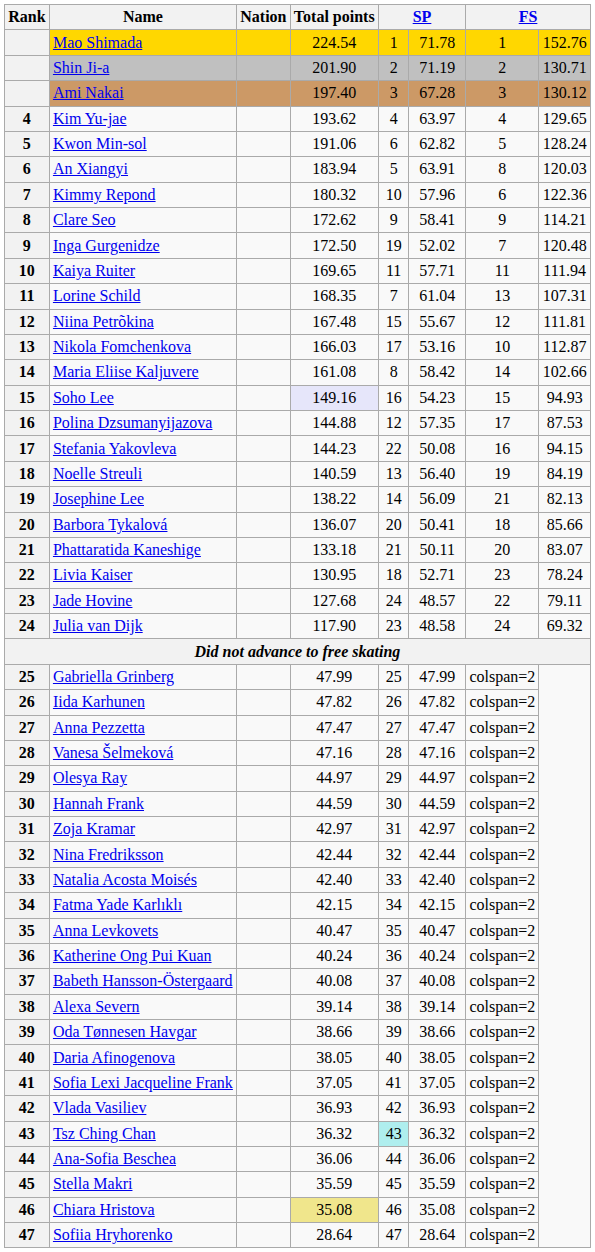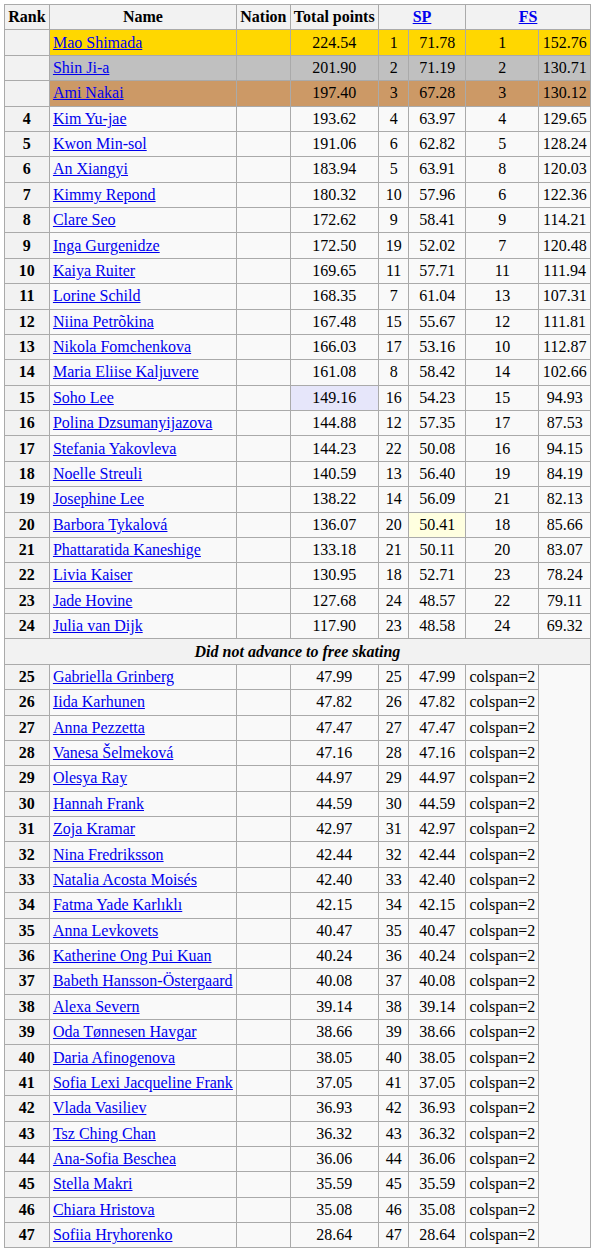 <table class="wikitable sortable" style="text-align:left;">
 <tr>
 <th scope="col">Rank</th>
 <th scope="col">Name</th>
 <th scope="col">Nation</th>
 <th scope="col">Total points</th>
 <th colspan="2" width="80px"><a href='#'>SP</a></th>
 <th colspan="2" width="80px"><a href='#'>FS</a></th>
 </tr>
 <tr bgcolor="gold">
 <th scope="row"><strong></strong></th>
 <td style="text-align:left"><a href='#'>Mao Shimada</a></td>
 <td style="text-align:left"></td>
 <td align="center">224.54</td>
 <td align="center">1</td>
 <td align="center">71.78</td>
 <td align="center">1</td>
 <td align="center">152.76</td>
 </tr>
 <tr bgcolor="silver">
 <th scope="row"><strong></strong></th>
 <td style="text-align:left"><a href='#'>Shin Ji-a</a></td>
 <td style="text-align:left"></td>
 <td align="center">201.90</td>
 <td align="center">2</td>
 <td align="center">71.19</td>
 <td align="center">2</td>
 <td align="center">130.71</td>
 </tr>
 <tr bgcolor="#cc9966">
 <th scope="row"><strong></strong></th>
 <td style="text-align:left"><a href='#'>Ami Nakai</a></td>
 <td style="text-align:left"></td>
 <td align="center">197.40</td>
 <td align="center">3</td>
 <td align="center">67.28</td>
 <td align="center">3</td>
 <td align="center">130.12</td>
 </tr>
 <tr>
 <th scope="row">4</th>
 <td style="text-align:left"><a href='#'>Kim Yu-jae</a></td>
 <td style="text-align:left"></td>
 <td align="center">193.62</td>
 <td align="center">4</td>
 <td align="center">63.97</td>
 <td align="center">4</td>
 <td align="center">129.65</td>
 </tr>
 <tr>
 <th scope="row">5</th>
 <td style="text-align:left"><a href='#'>Kwon Min-sol</a></td>
 <td style="text-align:left"></td>
 <td align="center">191.06</td>
 <td align="center">6</td>
 <td align="center">62.82</td>
 <td align="center">5</td>
 <td align="center">128.24</td>
 </tr>
 <tr>
 <th scope="row">6</th>
 <td style="text-align:left"><a href='#'>An Xiangyi</a></td>
 <td style="text-align:left"></td>
 <td align="center">183.94</td>
 <td align="center">5</td>
 <td align="center">63.91</td>
 <td align="center">8</td>
 <td align="center">120.03</td>
 </tr>
 <tr>
 <th scope="row">7</th>
 <td style="text-align:left"><a href='#'>Kimmy Repond</a></td>
 <td style="text-align:left"></td>
 <td align="center">180.32</td>
 <td align="center">10</td>
 <td align="center">57.96</td>
 <td align="center">6</td>
 <td align="center">122.36</td>
 </tr>
 <tr>
 <th scope="row">8</th>
 <td style="text-align:left"><a href='#'>Clare Seo</a></td>
 <td style="text-align:left"></td>
 <td align="center">172.62</td>
 <td align="center">9</td>
 <td align="center">58.41</td>
 <td align="center">9</td>
 <td align="center">114.21</td>
 </tr>
 <tr>
 <th scope="row">9</th>
 <td style="text-align:left"><a href='#'>Inga Gurgenidze</a></td>
 <td style="text-align:left"></td>
 <td align="center">172.50</td>
 <td align="center">19</td>
 <td align="center">52.02</td>
 <td align="center">7</td>
 <td align="center">120.48</td>
 </tr>
 <tr>
 <th scope="row">10</th>
 <td style="text-align:left"><a href='#'>Kaiya Ruiter</a></td>
 <td style="text-align:left"></td>
 <td align="center">169.65</td>
 <td align="center">11</td>
 <td align="center">57.71</td>
 <td align="center">11</td>
 <td align="center">111.94</td>
 </tr>
 <tr>
 <th scope="row">11</th>
 <td style="text-align:left"><a href='#'>Lorine Schild</a></td>
 <td style="text-align:left"></td>
 <td align="center">168.35</td>
 <td align="center">7</td>
 <td align="center">61.04</td>
 <td align="center">13</td>
 <td align="center">107.31</td>
 </tr>
 <tr>
 <th scope="row">12</th>
 <td style="text-align:left"><a href='#'>Niina Petrõkina</a></td>
 <td style="text-align:left"></td>
 <td align="center">167.48</td>
 <td align="center">15</td>
 <td align="center">55.67</td>
 <td align="center">12</td>
 <td align="center">111.81</td>
 </tr>
 <tr>
 <th scope="row">13</th>
 <td style="text-align:left"><a href='#'>Nikola Fomchenkova</a></td>
 <td style="text-align:left"></td>
 <td align="center">166.03</td>
 <td align="center">17</td>
 <td align="center">53.16</td>
 <td align="center">10</td>
 <td align="center">112.87</td>
 </tr>
 <tr>
 <th scope="row">14</th>
 <td style="text-align:left"><a href='#'>Maria Eliise Kaljuvere</a></td>
 <td style="text-align:left"></td>
 <td align="center">161.08</td>
 <td align="center">8</td>
 <td align="center">58.42</td>
 <td align="center">14</td>
 <td align="center">102.66</td>
 </tr>
 <tr>
 <th scope="row">15</th>
 <td style="text-align:left"><a href='#'>Soho Lee</a></td>
 <td style="text-align:left"></td>
 <td align="center" style="background: lavender;">149.16</td>
 <td align="center">16</td>
 <td align="center">54.23</td>
 <td align="center">15</td>
 <td align="center">94.93</td>
 </tr>
 <tr>
 <th scope="row">16</th>
 <td style="text-align:left"><a href='#'>Polina Dzsumanyijazova</a></td>
 <td style="text-align:left"></td>
 <td align="center">144.88</td>
 <td align="center">12</td>
 <td align="center">57.35</td>
 <td align="center">17</td>
 <td align="center">87.53</td>
 </tr>
 <tr>
 <th scope="row">17</th>
 <td style="text-align:left"><a href='#'>Stefania Yakovleva</a></td>
 <td style="text-align:left"></td>
 <td align="center">144.23</td>
 <td align="center">22</td>
 <td align="center">50.08</td>
 <td align="center">16</td>
 <td align="center">94.15</td>
 </tr>
 <tr>
 <th scope="row">18</th>
 <td style="text-align:left"><a href='#'>Noelle Streuli</a></td>
 <td style="text-align:left"></td>
 <td align="center">140.59</td>
 <td align="center">13</td>
 <td align="center">56.40</td>
 <td align="center">19</td>
 <td align="center">84.19</td>
 </tr>
 <tr>
 <th scope="row">19</th>
 <td style="text-align:left"><a href='#'>Josephine Lee</a></td>
 <td style="text-align:left"></td>
 <td align="center">138.22</td>
 <td align="center">14</td>
 <td align="center">56.09</td>
 <td align="center">21</td>
 <td align="center">82.13</td>
 </tr>
 <tr>
 <th scope="row">20</th>
 <td style="text-align:left"><a href='#'>Barbora Tykalová</a></td>
 <td style="text-align:left"></td>
 <td align="center">136.07</td>
 <td align="center">20</td>
-<td align="center">50.41</td>
+<td align="center" style="background: lightyellow;">50.41</td>
 <td align="center">18</td>
 <td align="center">85.66</td>
 </tr>
 <tr>
 <th scope="row">21</th>
 <td style="text-align:left"><a href='#'>Phattaratida Kaneshige</a></td>
 <td style="text-align:left"></td>
 <td align="center">133.18</td>
 <td align="center">21</td>
 <td align="center">50.11</td>
 <td align="center">20</td>
 <td align="center">83.07</td>
 </tr>
 <tr>
 <th scope="row">22</th>
 <td style="text-align:left"><a href='#'>Livia Kaiser</a></td>
 <td style="text-align:left"></td>
 <td align="center">130.95</td>
 <td align="center">18</td>
 <td align="center">52.71</td>
 <td align="center">23</td>
 <td align="center">78.24</td>
 </tr>
 <tr>
 <th scope="row">23</th>
 <td style="text-align:left"><a href='#'>Jade Hovine</a></td>
 <td style="text-align:left"></td>
 <td align="center">127.68</td>
 <td align="center">24</td>
 <td align="center">48.57</td>
 <td align="center">22</td>
 <td align="center">79.11</td>
 </tr>
 <tr>
 <th scope="row">24</th>
 <td style="text-align:left"><a href='#'>Julia van Dijk</a></td>
 <td style="text-align:left"></td>
 <td align="center">117.90</td>
 <td align="center">23</td>
 <td align="center">48.58</td>
 <td align="center">24</td>
 <td align="center">69.32</td>
 </tr>
 <tr>
 <th colspan=8><em>Did not advance to free skating</em></th>
 </tr>
 <tr>
 <th scope="row">25</th>
 <td style="text-align:left"><a href='#'>Gabriella Grinberg</a></td>
 <td style="text-align:left"></td>
 <td align="center">47.99</td>
 <td align="center">25</td>
 <td align="center">47.99</td>
 <td>colspan=2 </td>
 </tr>
 <tr>
 <th scope="row">26</th>
 <td style="text-align:left"><a href='#'>Iida Karhunen</a></td>
 <td style="text-align:left"></td>
 <td align="center">47.82</td>
 <td align="center">26</td>
 <td align="center">47.82</td>
 <td>colspan=2 </td>
 </tr>
 <tr>
 <th scope="row">27</th>
 <td style="text-align:left"><a href='#'>Anna Pezzetta</a></td>
 <td style="text-align:left"></td>
 <td align="center">47.47</td>
 <td align="center">27</td>
 <td align="center">47.47</td>
 <td>colspan=2 </td>
 </tr>
 <tr>
 <th scope="row">28</th>
 <td style="text-align:left"><a href='#'>Vanesa Šelmeková</a></td>
 <td style="text-align:left"></td>
 <td align="center">47.16</td>
 <td align="center">28</td>
 <td align="center">47.16</td>
 <td>colspan=2 </td>
 </tr>
 <tr>
 <th scope="row">29</th>
 <td style="text-align:left"><a href='#'>Olesya Ray</a></td>
 <td style="text-align:left"></td>
 <td align="center">44.97</td>
 <td align="center">29</td>
 <td align="center">44.97</td>
 <td>colspan=2 </td>
 </tr>
 <tr>
 <th scope="row">30</th>
 <td style="text-align:left"><a href='#'>Hannah Frank</a></td>
 <td style="text-align:left"></td>
 <td align="center">44.59</td>
 <td align="center">30</td>
 <td align="center">44.59</td>
 <td>colspan=2 </td>
 </tr>
 <tr>
 <th scope="row">31</th>
 <td style="text-align:left"><a href='#'>Zoja Kramar</a></td>
 <td style="text-align:left"></td>
 <td align="center">42.97</td>
 <td align="center">31</td>
 <td align="center">42.97</td>
 <td>colspan=2 </td>
 </tr>
 <tr>
 <th scope="row">32</th>
 <td style="text-align:left"><a href='#'>Nina Fredriksson</a></td>
 <td style="text-align:left"></td>
 <td align="center">42.44</td>
 <td align="center">32</td>
 <td align="center">42.44</td>
 <td>colspan=2 </td>
 </tr>
 <tr>
 <th scope="row">33</th>
 <td style="text-align:left"><a href='#'>Natalia Acosta Moisés</a></td>
 <td style="text-align:left"></td>
 <td align="center">42.40</td>
 <td align="center">33</td>
 <td align="center">42.40</td>
 <td>colspan=2 </td>
 </tr>
 <tr>
 <th scope="row">34</th>
 <td style="text-align:left"><a href='#'>Fatma Yade Karlıklı</a></td>
 <td style="text-align:left"></td>
 <td align="center">42.15</td>
 <td align="center">34</td>
 <td align="center">42.15</td>
 <td>colspan=2 </td>
 </tr>
 <tr>
 <th scope="row">35</th>
 <td style="text-align:left"><a href='#'>Anna Levkovets</a></td>
 <td style="text-align:left"></td>
 <td align="center">40.47</td>
 <td align="center">35</td>
 <td align="center">40.47</td>
 <td>colspan=2 </td>
 </tr>
 <tr>
 <th scope="row">36</th>
 <td style="text-align:left"><a href='#'>Katherine Ong Pui Kuan</a></td>
 <td style="text-align:left"></td>
 <td align="center">40.24</td>
 <td align="center">36</td>
 <td align="center">40.24</td>
 <td>colspan=2 </td>
 </tr>
 <tr>
 <th scope="row">37</th>
 <td style="text-align:left"><a href='#'>Babeth Hansson-Östergaard</a></td>
 <td style="text-align:left"></td>
 <td align="center">40.08</td>
 <td align="center">37</td>
 <td align="center">40.08</td>
 <td>colspan=2 </td>
 </tr>
 <tr>
 <th scope="row">38</th>
 <td style="text-align:left"><a href='#'>Alexa Severn</a></td>
 <td style="text-align:left"></td>
 <td align="center">39.14</td>
 <td align="center">38</td>
 <td align="center">39.14</td>
 <td>colspan=2 </td>
 </tr>
 <tr>
 <th scope="row">39</th>
 <td style="text-align:left"><a href='#'>Oda Tønnesen Havgar</a></td>
 <td style="text-align:left"></td>
 <td align="center">38.66</td>
 <td align="center">39</td>
 <td align="center">38.66</td>
 <td>colspan=2 </td>
 </tr>
 <tr>
 <th scope="row">40</th>
 <td style="text-align:left"><a href='#'>Daria Afinogenova</a></td>
 <td style="text-align:left"></td>
 <td align="center">38.05</td>
 <td align="center">40</td>
 <td align="center">38.05</td>
 <td>colspan=2 </td>
 </tr>
 <tr>
 <th scope="row">41</th>
 <td style="text-align:left"><a href='#'>Sofia Lexi Jacqueline Frank</a></td>
 <td style="text-align:left"></td>
 <td align="center">37.05</td>
 <td align="center">41</td>
 <td align="center">37.05</td>
 <td>colspan=2 </td>
 </tr>
 <tr>
 <th scope="row">42</th>
 <td style="text-align:left"><a href='#'>Vlada Vasiliev</a></td>
 <td style="text-align:left"></td>
 <td align="center">36.93</td>
 <td align="center">42</td>
 <td align="center">36.93</td>
 <td>colspan=2 </td>
 </tr>
 <tr>
 <th scope="row">43</th>
 <td style="text-align:left"><a href='#'>Tsz Ching Chan</a></td>
 <td style="text-align:left"></td>
 <td align="center">36.32</td>
-<td align="center" style="background: paleturquoise;">43</td>
+<td align="center">43</td>
 <td align="center">36.32</td>
 <td>colspan=2 </td>
 </tr>
 <tr>
 <th scope="row">44</th>
 <td style="text-align:left"><a href='#'>Ana-Sofia Beschea</a></td>
 <td style="text-align:left"></td>
 <td align="center">36.06</td>
 <td align="center">44</td>
 <td align="center">36.06</td>
 <td>colspan=2 </td>
 </tr>
 <tr>
 <th scope="row">45</th>
 <td style="text-align:left"><a href='#'>Stella Makri</a></td>
 <td style="text-align:left"></td>
 <td align="center">35.59</td>
 <td align="center">45</td>
 <td align="center">35.59</td>
 <td>colspan=2 </td>
 </tr>
 <tr>
 <th scope="row">46</th>
 <td style="text-align:left"><a href='#'>Chiara Hristova</a></td>
 <td style="text-align:left"></td>
-<td align="center" style="background: khaki;">35.08</td>
+<td align="center">35.08</td>
 <td align="center">46</td>
 <td align="center">35.08</td>
 <td>colspan=2 </td>
 </tr>
 <tr>
 <th scope="row">47</th>
 <td style="text-align:left"><a href='#'>Sofiia Hryhorenko</a></td>
 <td style="text-align:left"></td>
 <td align="center">28.64</td>
 <td align="center">47</td>
 <td align="center">28.64</td>
 <td>colspan=2 </td>
 </tr>
 </table>
